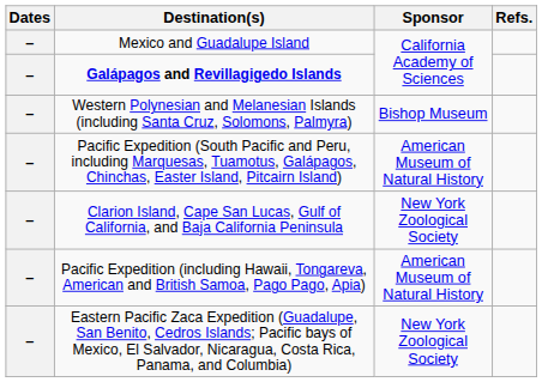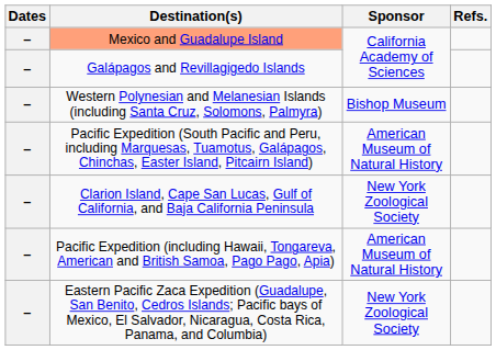 <table class="wikitable sortable" style="font-size:90%;text-align:center;float:right;width:35em;">
 <tr>
 <th>Dates</th>
 <th>Destination(s)</th>
 <th>Sponsor</th>
 <th class="unsortable">Refs.</th>
 </tr>
 <tr>
 <th>–</th>
-<td style="font-size:95%;">Mexico and <a href='#'>Guadalupe Island</a></td>
+<td style="background: lightsalmon; font-size:95%;">Mexico and <a href='#'>Guadalupe Island</a></td>
 <td rowspan=2><a href='#'>California Academy of Sciences</a></td>
 <td></td>
 </tr>
 <tr>
 <th>–</th>
-<td style="font-size:95%;"><strong><a href='#'>Galápagos</a> and <a href='#'>Revillagigedo Islands</a></strong></td>
+<td style="font-size:95%;"><a href='#'>Galápagos</a> and <a href='#'>Revillagigedo Islands</a></td>
 <td><br><br></td>
 </tr>
 <tr>
 <th>–</th>
 <td style="font-size:95%;">Western <a href='#'>Polynesian</a> and <a href='#'>Melanesian</a> Islands (including <a href='#'>Santa Cruz</a>, <a href='#'>Solomons</a>, <a href='#'>Palmyra</a>)</td>
 <td><a href='#'>Bishop Museum</a></td>
 <td></td>
 </tr>
 <tr>
 <th>–</th>
 <td style="font-size:95%;">Pacific Expedition (South Pacific and Peru, including <a href='#'>Marquesas</a>, <a href='#'>Tuamotus</a>, <a href='#'>Galápagos</a>, <a href='#'>Chinchas</a>, <a href='#'>Easter Island</a>, <a href='#'>Pitcairn Island</a>)</td>
 <td><a href='#'>American Museum of Natural History</a></td>
 <td><br><br></td>
 </tr>
 <tr>
 <th>–</th>
 <td style="font-size:95%;"><a href='#'>Clarion Island</a>, <a href='#'>Cape San Lucas</a>, <a href='#'>Gulf of California</a>, and <a href='#'>Baja California Peninsula</a></td>
 <td><a href='#'>New York Zoological Society</a></td>
 <td></td>
 </tr>
 <tr>
 <th>–</th>
 <td style="font-size:95%;">Pacific Expedition (including Hawaii, <a href='#'>Tongareva</a>, <a href='#'>American</a> and <a href='#'>British Samoa</a>, <a href='#'>Pago Pago</a>, <a href='#'>Apia</a>)</td>
 <td><a href='#'>American Museum of Natural History</a></td>
 <td></td>
 </tr>
 <tr>
 <th>–</th>
 <td style="font-size:95%;">Eastern Pacific Zaca Expedition (<a href='#'>Guadalupe</a>, <a href='#'>San Benito</a>, <a href='#'>Cedros Islands</a>; Pacific bays of Mexico, El Salvador, Nicaragua, Costa Rica, Panama, and Columbia)</td>
 <td><a href='#'>New York Zoological Society</a></td>
 <td></td>
 </tr>
 </table>
